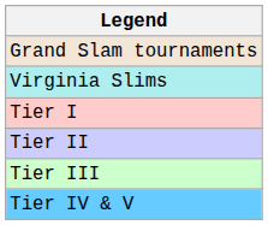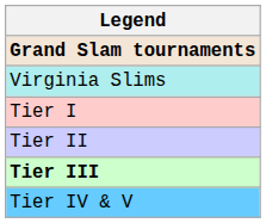 <table class="wikitable sortable mw-collapsible mw-collapsed">
 <tr>
 <th>Legend</th>
 </tr>
 <tr>
-<td style="background:#f3e6d7;">Grand Slam tournaments</td>
+<td style="background:#f3e6d7;"><strong>Grand Slam tournaments</strong></td>
 </tr>
 <tr>
 <td style="background: paleturquoise;">Virginia Slims</td>
 </tr>
 <tr>
 <td style="background:#fcc;">Tier I</td>
 </tr>
 <tr>
 <td style="background:#ccf;">Tier II</td>
 </tr>
 <tr>
-<td style="background:#cfc;">Tier III</td>
+<td style="background:#cfc;"><strong>Tier III</strong></td>
 </tr>
 <tr>
 <td style="background:#6cf;">Tier IV & V</td>
 </tr>
 </table>
